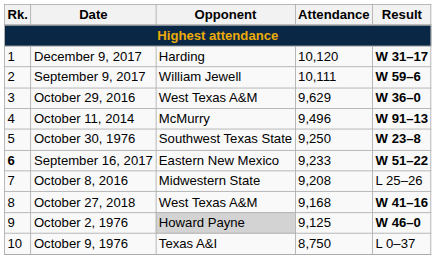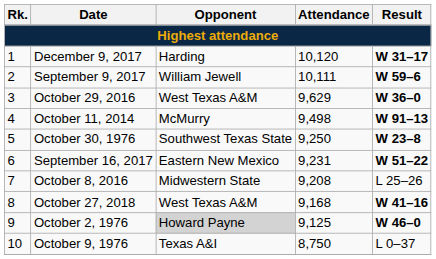 <table class="wikitable">
 <tr>
 <th>Rk.</th>
 <th>Date</th>
 <th>Opponent</th>
 <th>Attendance</th>
 <th>Result</th>
 </tr>
 <tr>
 </tr>
 <tr>
 <td align="center" Colspan="5" style="background:#0A2846; color:#EDAC09"><span><strong>Highest attendance</strong></span></td>
 </tr>
 <tr>
 <td>1</td>
 <td>December 9, 2017</td>
 <td>Harding</td>
 <td>10,120</td>
 <td><strong>W 31–17</strong></td>
 </tr>
 <tr>
 <td>2</td>
 <td>September 9, 2017</td>
 <td>William Jewell</td>
 <td>10,111</td>
 <td><strong>W 59–6</strong></td>
 </tr>
 <tr>
 <td>3</td>
 <td>October 29, 2016</td>
 <td>West Texas A&M</td>
 <td>9,629</td>
 <td><strong>W 36–0</strong></td>
 </tr>
 <tr>
 <td>4</td>
 <td>October 11, 2014</td>
 <td>McMurry</td>
-<td>9,496</td>
+<td>9,498</td>
 <td><strong>W 91–13</strong></td>
 </tr>
 <tr>
 <td>5</td>
 <td>October 30, 1976</td>
 <td>Southwest Texas State</td>
 <td>9,250</td>
 <td><strong>W 23–8</strong></td>
 </tr>
 <tr>
-<td><strong>6</strong></td>
+<td>6</td>
 <td>September 16, 2017</td>
 <td>Eastern New Mexico</td>
-<td>9,233</td>
+<td>9,231</td>
 <td><strong>W 51–22</strong></td>
 </tr>
 <tr>
 <td>7</td>
 <td>October 8, 2016</td>
 <td>Midwestern State</td>
 <td>9,208</td>
 <td>L 25–26</td>
 </tr>
 <tr>
 <td>8</td>
 <td>October 27, 2018</td>
 <td>West Texas A&M</td>
 <td>9,168</td>
 <td><strong>W 41–16</strong></td>
 </tr>
 <tr>
 <td>9</td>
 <td>October 2, 1976</td>
 <td style="background: lightgrey;">Howard Payne</td>
 <td>9,125</td>
 <td><strong>W 46–0</strong></td>
 </tr>
 <tr>
 <td>10</td>
 <td>October 9, 1976</td>
 <td>Texas A&I</td>
 <td>8,750</td>
 <td>L 0–37</td>
 </tr>
 <tr>
 </tr>
 </table>
